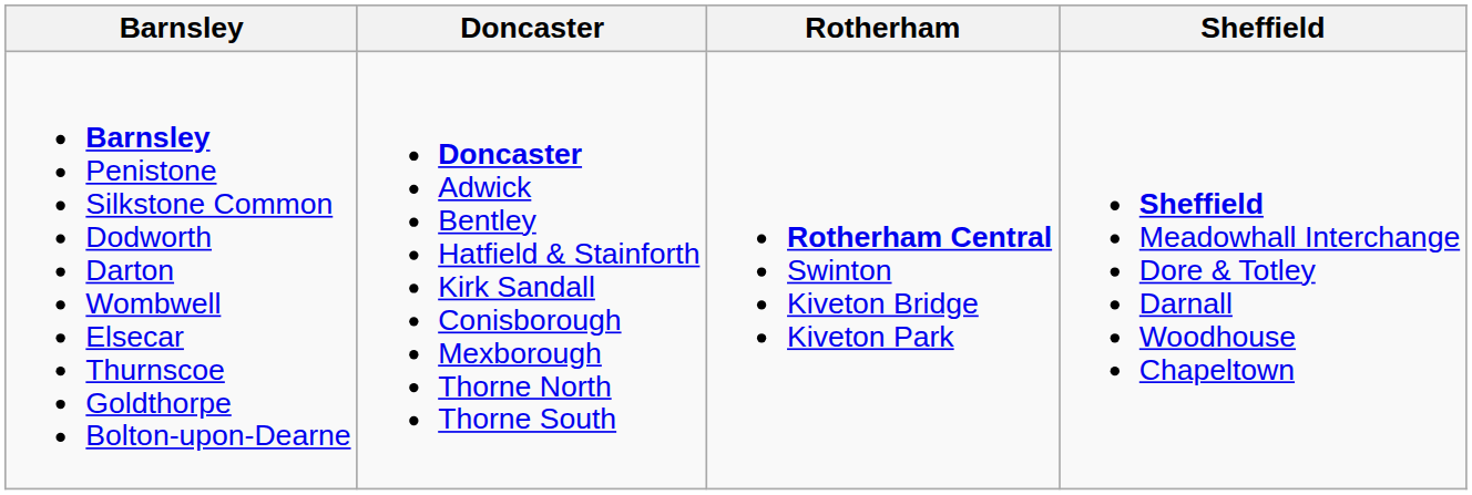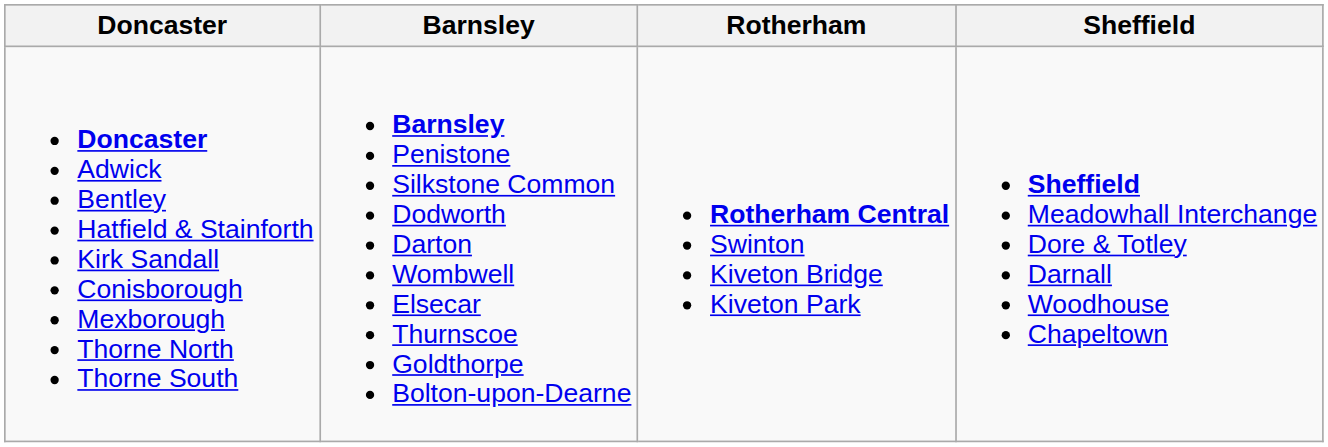 <table class="wikitable">
 <tr>
+<th>Doncaster</th>
 <th>Barnsley</th>
-<th>Doncaster</th>
 <th>Rotherham</th>
 <th>Sheffield</th>
 </tr>
 <tr>
+<td><br><ul><li><a href='#'><strong>Doncaster</strong></a></li><li><a href='#'>Adwick</a></li><li><a href='#'>Bentley</a></li><li><a href='#'>Hatfield & Stainforth</a></li><li><a href='#'>Kirk Sandall</a></li><li><a href='#'>Conisborough</a></li><li><a href='#'>Mexborough</a></li><li><a href='#'>Thorne North</a></li><li><a href='#'>Thorne South</a></li></ul></td>
 <td><br><ul><li><a href='#'><strong>Barnsley</strong></a></li><li><a href='#'>Penistone</a></li><li><a href='#'>Silkstone Common</a></li><li><a href='#'>Dodworth</a></li><li><a href='#'>Darton</a></li><li><a href='#'>Wombwell</a></li><li><a href='#'>Elsecar</a></li><li><a href='#'>Thurnscoe</a></li><li><a href='#'>Goldthorpe</a></li><li><a href='#'>Bolton-upon-Dearne</a></li></ul></td>
-<td><br><ul><li><a href='#'><strong>Doncaster</strong></a></li><li><a href='#'>Adwick</a></li><li><a href='#'>Bentley</a></li><li><a href='#'>Hatfield & Stainforth</a></li><li><a href='#'>Kirk Sandall</a></li><li><a href='#'>Conisborough</a></li><li><a href='#'>Mexborough</a></li><li><a href='#'>Thorne North</a></li><li><a href='#'>Thorne South</a></li></ul></td>
 <td><br><ul><li><a href='#'><strong>Rotherham Central</strong></a></li><li><a href='#'>Swinton</a></li><li><a href='#'>Kiveton Bridge</a></li><li><a href='#'>Kiveton Park</a></li></ul></td>
 <td><br><ul><li><a href='#'><strong>Sheffield</strong></a></li><li><a href='#'>Meadowhall Interchange</a></li><li><a href='#'>Dore & Totley</a></li><li><a href='#'>Darnall</a></li><li><a href='#'>Woodhouse</a></li><li><a href='#'>Chapeltown</a></li></ul></td>
 </tr>
 </table>
